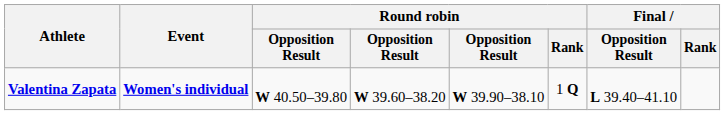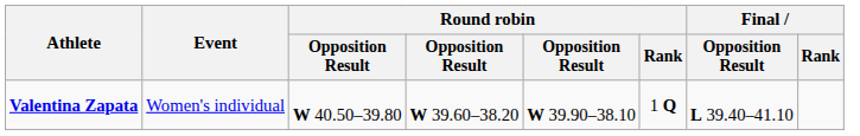 <table class=wikitable style=font-size:90%;text-align:center>
 <tr>
 <th rowspan=2>Athlete</th>
 <th rowspan=2>Event</th>
 <th colspan=4>Round robin</th>
 <th colspan=2>Final / </th>
 </tr>
 <tr style=font-size:95%>
 <th>Opposition<br>Result</th>
 <th>Opposition<br>Result</th>
 <th>Opposition<br>Result</th>
 <th>Rank</th>
 <th>Opposition<br>Result</th>
 <th>Rank</th>
 </tr>
 <tr>
 <td align=left><strong><a href='#'>Valentina Zapata</a></strong></td>
-<td align=left><strong><a href='#'>Women's individual</a></strong></td>
+<td align=left><a href='#'>Women's individual</a></td>
 <td><br><strong>W</strong> 40.50–39.80</td>
 <td><br><strong>W</strong> 39.60–38.20</td>
 <td><br><strong>W</strong> 39.90–38.10</td>
 <td>1 <strong>Q</strong></td>
 <td><br><strong>L</strong> 39.40–41.10</td>
 <td></td>
 </tr>
 </table>
